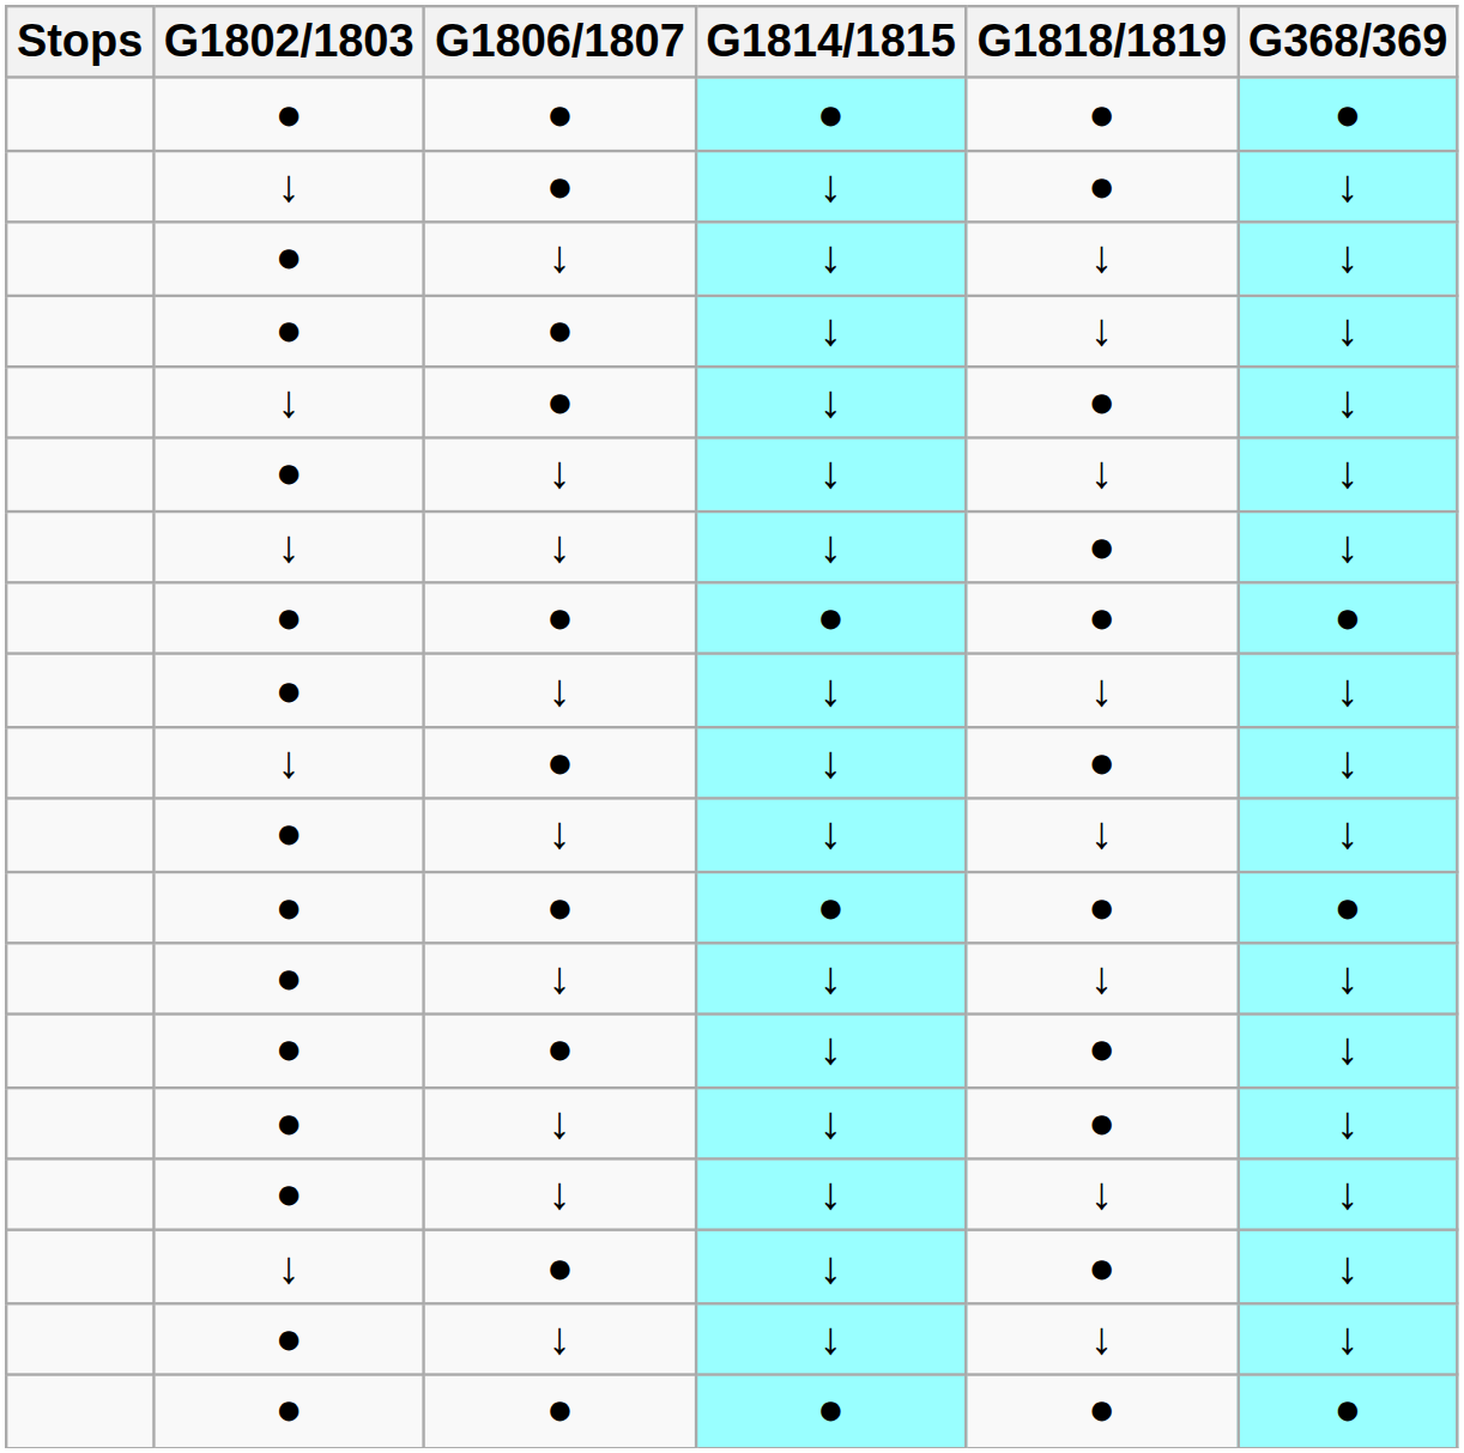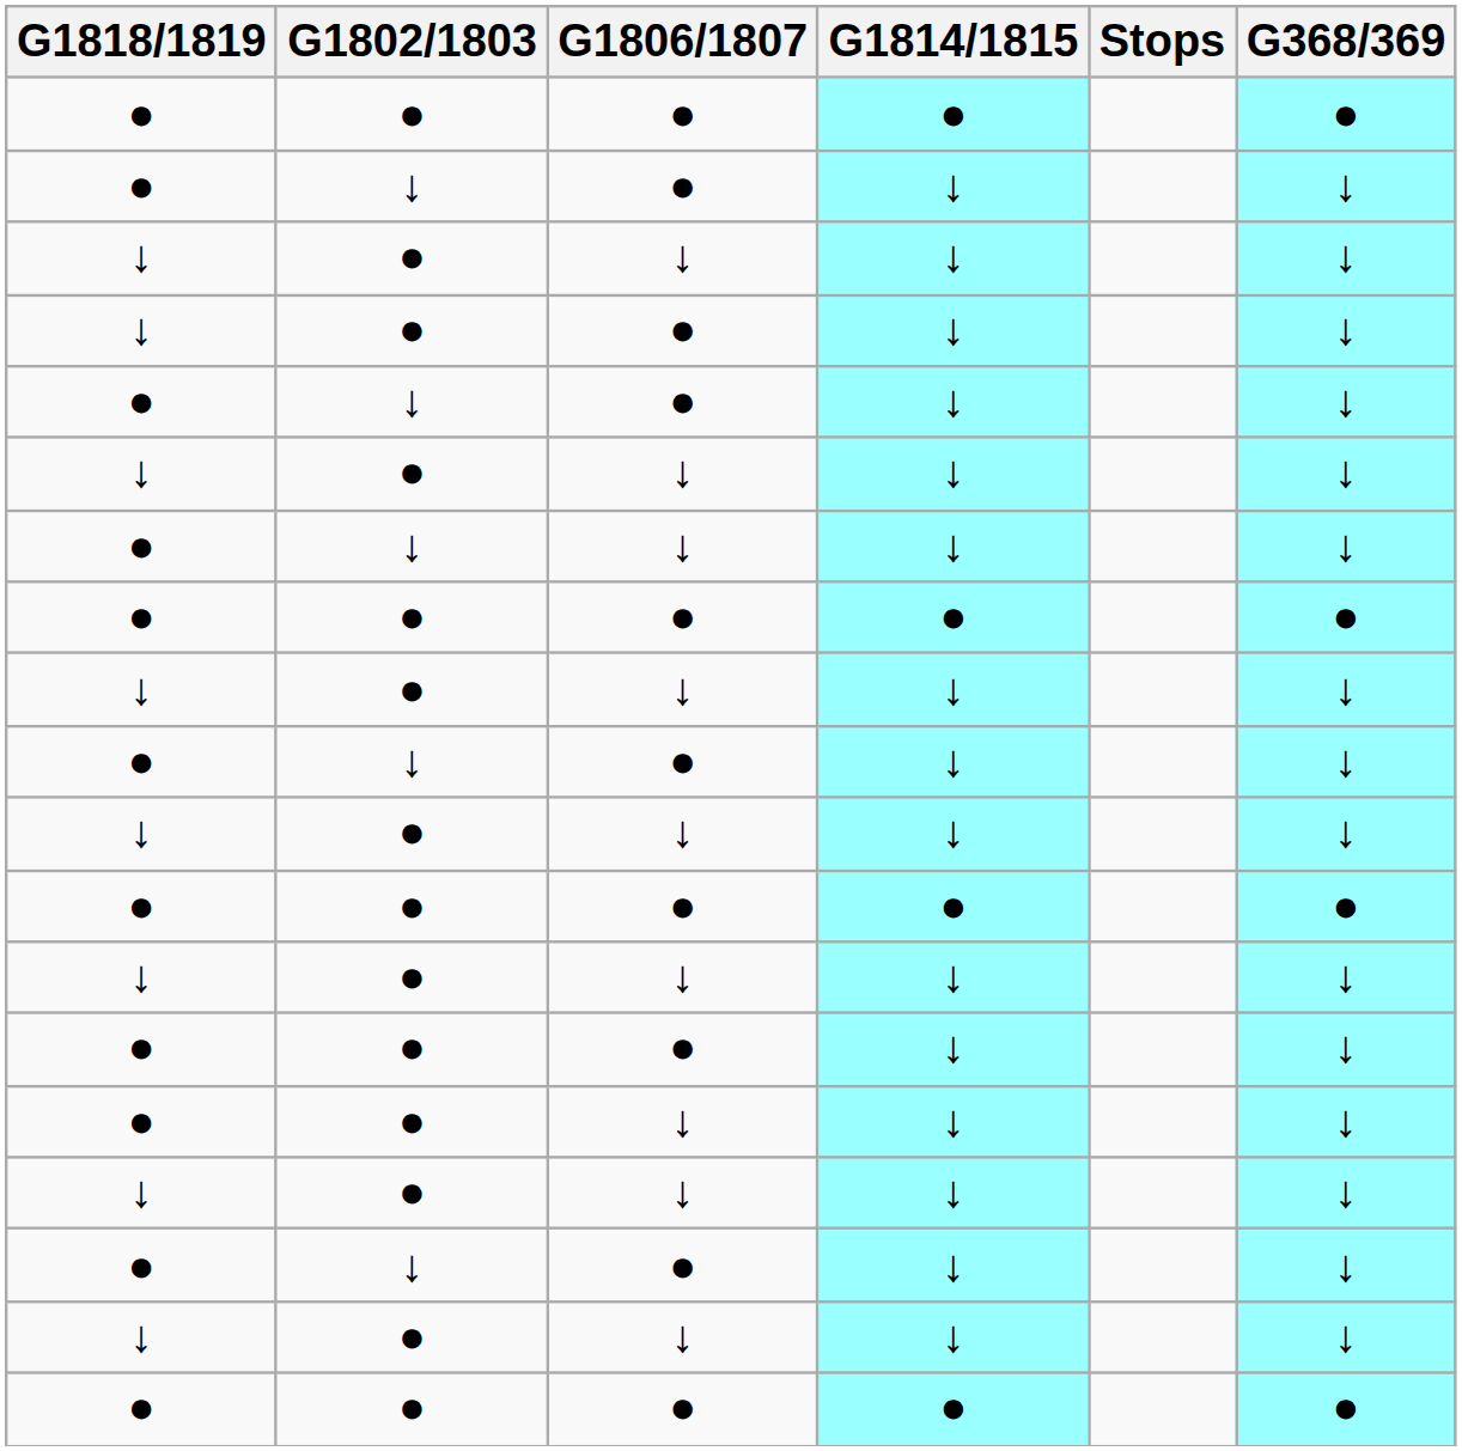 <table class="wikitable" style="text-align: center">
 <tr>
-<th>Stops</th>
+<th>G1818/1819</th>
 <th>G1802/1803</th>
 <th>G1806/1807</th>
 <th>G1814/1815</th>
-<th>G1818/1819</th>
+<th>Stops</th>
 <th>G368/369</th>
 </tr>
 <tr>
-<td></td>
+<td>●</td>
 <td>●</td>
 <td>●</td>
 <td style="background:#99FFFF">●</td>
-<td>●</td>
+<td></td>
 <td style="background:#99FFFF">●</td>
 </tr>
 <tr>
-<td></td>
+<td>●</td>
 <td>↓</td>
 <td>●</td>
 <td style="background:#99FFFF">↓</td>
-<td>●</td>
+<td></td>
 <td style="background:#99FFFF">↓</td>
 </tr>
 <tr>
-<td></td>
+<td>↓</td>
 <td>●</td>
 <td>↓</td>
 <td style="background:#99FFFF">↓</td>
-<td>↓</td>
+<td></td>
 <td style="background:#99FFFF">↓</td>
 </tr>
 <tr>
-<td></td>
+<td>↓</td>
 <td>●</td>
 <td>●</td>
 <td style="background:#99FFFF">↓</td>
-<td>↓</td>
+<td></td>
 <td style="background:#99FFFF">↓</td>
 </tr>
 <tr>
-<td></td>
+<td>●</td>
 <td>↓</td>
 <td>●</td>
 <td style="background:#99FFFF">↓</td>
-<td>●</td>
+<td></td>
 <td style="background:#99FFFF">↓</td>
 </tr>
 <tr>
-<td></td>
+<td>↓</td>
 <td>●</td>
 <td>↓</td>
 <td style="background:#99FFFF">↓</td>
-<td>↓</td>
+<td></td>
 <td style="background:#99FFFF">↓</td>
 </tr>
 <tr>
-<td></td>
+<td>●</td>
 <td>↓</td>
 <td>↓</td>
 <td style="background:#99FFFF">↓</td>
-<td>●</td>
+<td></td>
 <td style="background:#99FFFF">↓</td>
 </tr>
 <tr>
-<td></td>
+<td>●</td>
 <td>●</td>
 <td>●</td>
 <td style="background:#99FFFF">●</td>
-<td>●</td>
+<td></td>
 <td style="background:#99FFFF">●</td>
 </tr>
 <tr>
-<td></td>
+<td>↓</td>
 <td>●</td>
 <td>↓</td>
 <td style="background:#99FFFF">↓</td>
-<td>↓</td>
+<td></td>
 <td style="background:#99FFFF">↓</td>
 </tr>
 <tr>
-<td></td>
+<td>●</td>
 <td>↓</td>
 <td>●</td>
 <td style="background:#99FFFF">↓</td>
-<td>●</td>
+<td></td>
 <td style="background:#99FFFF">↓</td>
 </tr>
 <tr>
-<td></td>
+<td>↓</td>
 <td>●</td>
 <td>↓</td>
 <td style="background:#99FFFF">↓</td>
-<td>↓</td>
+<td></td>
 <td style="background:#99FFFF">↓</td>
 </tr>
 <tr>
-<td></td>
+<td>●</td>
 <td>●</td>
 <td>●</td>
 <td style="background:#99FFFF">●</td>
-<td>●</td>
+<td></td>
 <td style="background:#99FFFF">●</td>
 </tr>
 <tr>
-<td></td>
+<td>↓</td>
 <td>●</td>
 <td>↓</td>
 <td style="background:#99FFFF">↓</td>
-<td>↓</td>
+<td></td>
 <td style="background:#99FFFF">↓</td>
 </tr>
 <tr>
-<td></td>
+<td>●</td>
 <td>●</td>
 <td>●</td>
 <td style="background:#99FFFF">↓</td>
-<td>●</td>
+<td></td>
 <td style="background:#99FFFF">↓</td>
 </tr>
 <tr>
-<td></td>
+<td>●</td>
 <td>●</td>
 <td>↓</td>
 <td style="background:#99FFFF">↓</td>
-<td>●</td>
+<td></td>
 <td style="background:#99FFFF">↓</td>
 </tr>
 <tr>
-<td></td>
+<td>↓</td>
 <td>●</td>
 <td>↓</td>
 <td style="background:#99FFFF">↓</td>
-<td>↓</td>
+<td></td>
 <td style="background:#99FFFF">↓</td>
 </tr>
 <tr>
-<td></td>
+<td>●</td>
 <td>↓</td>
 <td>●</td>
 <td style="background:#99FFFF">↓</td>
-<td>●</td>
+<td></td>
 <td style="background:#99FFFF">↓</td>
 </tr>
 <tr>
-<td></td>
+<td>↓</td>
 <td>●</td>
 <td>↓</td>
 <td style="background:#99FFFF">↓</td>
-<td>↓</td>
+<td></td>
 <td style="background:#99FFFF">↓</td>
 </tr>
 <tr>
-<td></td>
+<td>●</td>
 <td>●</td>
 <td>●</td>
 <td style="background:#99FFFF">●</td>
-<td>●</td>
+<td></td>
 <td style="background:#99FFFF">●</td>
 </tr>
 </table>
